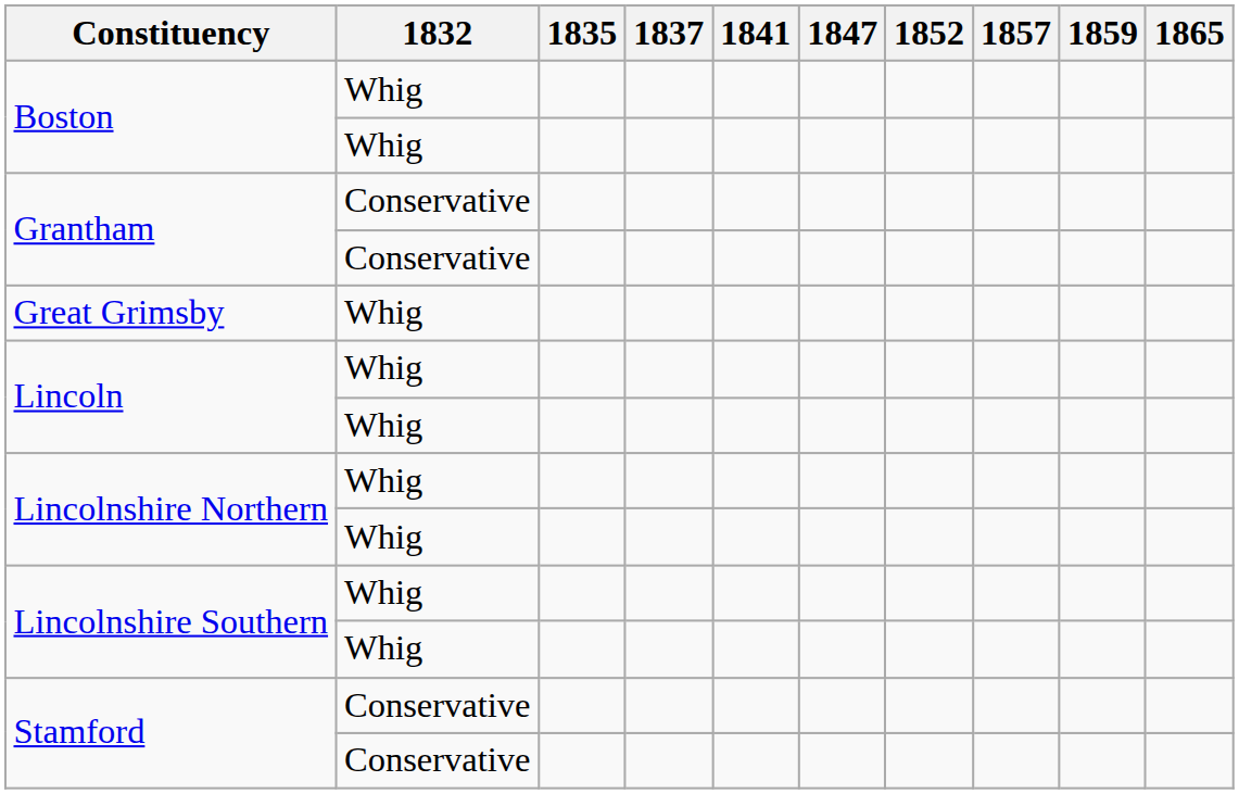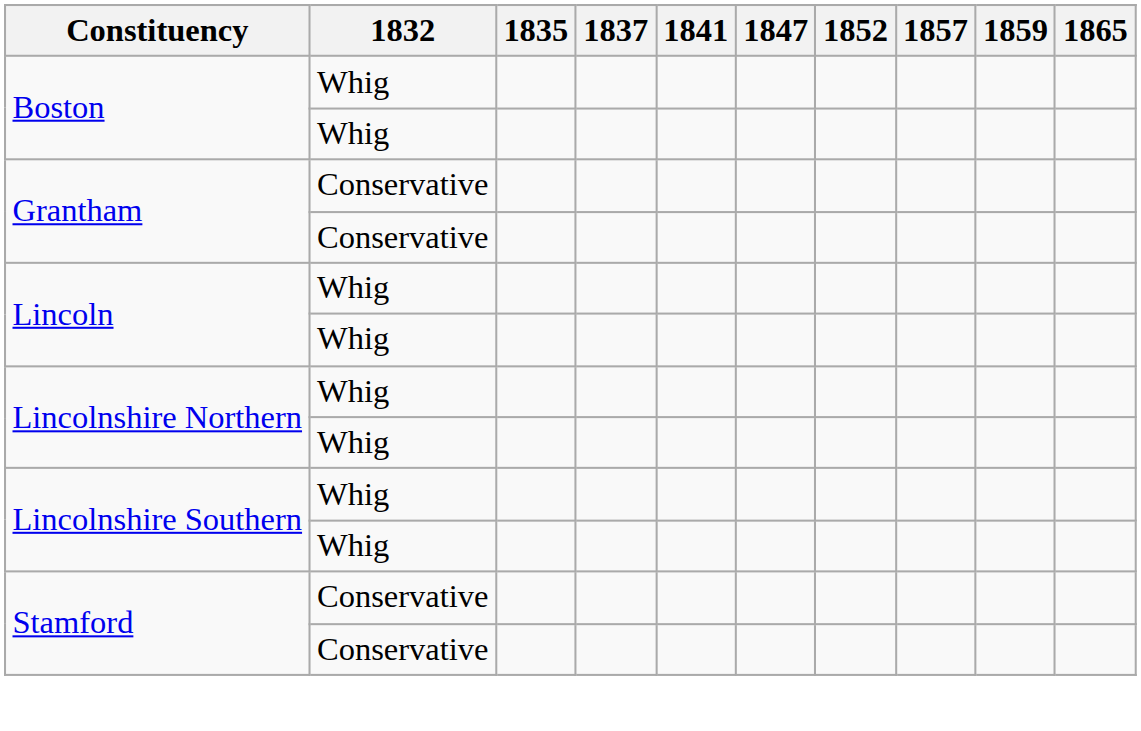 <table class=wikitable sortable>
 <tr>
 <th>Constituency</th>
 <th>1832</th>
 <th>1835</th>
 <th>1837</th>
 <th>1841</th>
 <th>1847</th>
 <th>1852</th>
 <th>1857</th>
 <th>1859</th>
 <th>1865</th>
 </tr>
 <tr>
 <td rowspan=2><a href='#'>Boston</a></td>
 <td bgcolor=>Whig</td>
 <td></td>
 <td></td>
 <td></td>
 <td></td>
 <td></td>
 <td></td>
 <td></td>
 <td></td>
 </tr>
 <tr>
 <td bgcolor=>Whig</td>
 <td></td>
 <td></td>
 <td></td>
 <td></td>
 <td></td>
 <td></td>
 <td></td>
 <td></td>
 </tr>
 <tr>
 <td rowspan=2><a href='#'>Grantham</a></td>
 <td bgcolor=>Conservative</td>
 <td></td>
 <td></td>
 <td></td>
 <td></td>
 <td></td>
 <td></td>
 <td></td>
 <td></td>
 </tr>
 <tr>
 <td bgcolor=>Conservative</td>
-<td></td>
-<td></td>
-<td></td>
-<td></td>
-<td></td>
-<td></td>
-<td></td>
-<td></td>
-</tr>
-<tr>
-<td><a href='#'>Great Grimsby</a></td>
-<td bgcolor=>Whig</td>
 <td></td>
 <td></td>
 <td></td>
 <td></td>
 <td></td>
 <td></td>
 <td></td>
 <td></td>
 </tr>
 <tr>
 <td rowspan=2><a href='#'>Lincoln</a></td>
 <td bgcolor=>Whig</td>
 <td></td>
 <td></td>
 <td></td>
 <td></td>
 <td></td>
 <td></td>
 <td></td>
 <td></td>
 </tr>
 <tr>
 <td bgcolor=>Whig</td>
 <td></td>
 <td></td>
 <td></td>
 <td></td>
 <td></td>
 <td></td>
 <td></td>
 <td></td>
 </tr>
 <tr>
 <td rowspan=2><a href='#'>Lincolnshire Northern</a></td>
 <td bgcolor=>Whig</td>
 <td></td>
 <td></td>
 <td></td>
 <td></td>
 <td></td>
 <td></td>
 <td></td>
 <td></td>
 </tr>
 <tr>
 <td bgcolor=>Whig</td>
 <td></td>
 <td></td>
 <td></td>
 <td></td>
 <td></td>
 <td></td>
 <td></td>
 <td></td>
 </tr>
 <tr>
 <td rowspan=2><a href='#'>Lincolnshire Southern</a></td>
 <td bgcolor=>Whig</td>
 <td></td>
 <td></td>
 <td></td>
 <td></td>
 <td></td>
 <td></td>
 <td></td>
 <td></td>
 </tr>
 <tr>
 <td bgcolor=>Whig</td>
 <td></td>
 <td></td>
 <td></td>
 <td></td>
 <td></td>
 <td></td>
 <td></td>
 <td></td>
 </tr>
 <tr>
 <td rowspan="2"><a href='#'>Stamford</a></td>
 <td>Conservative</td>
 <td></td>
 <td></td>
 <td></td>
 <td></td>
 <td></td>
 <td></td>
 <td></td>
 <td></td>
 </tr>
 <tr>
 <td bgcolor=>Conservative</td>
 <td></td>
 <td></td>
 <td></td>
 <td></td>
 <td></td>
 <td></td>
 <td></td>
 <td></td>
 </tr>
 </table>
